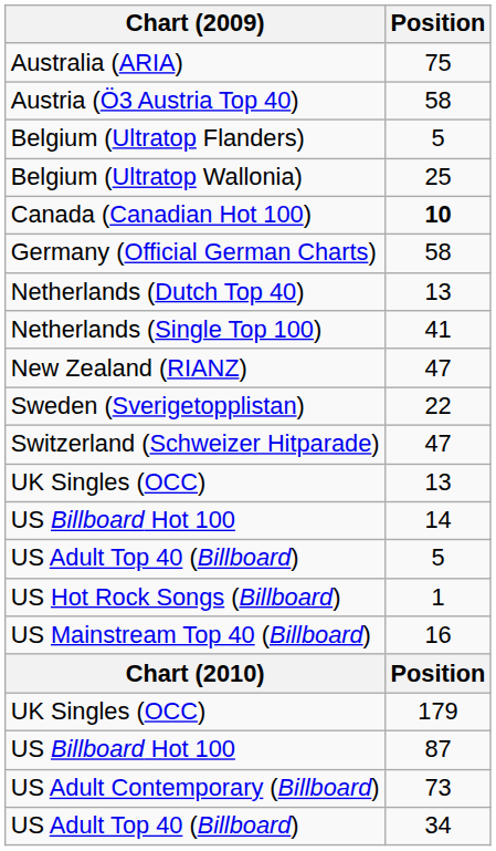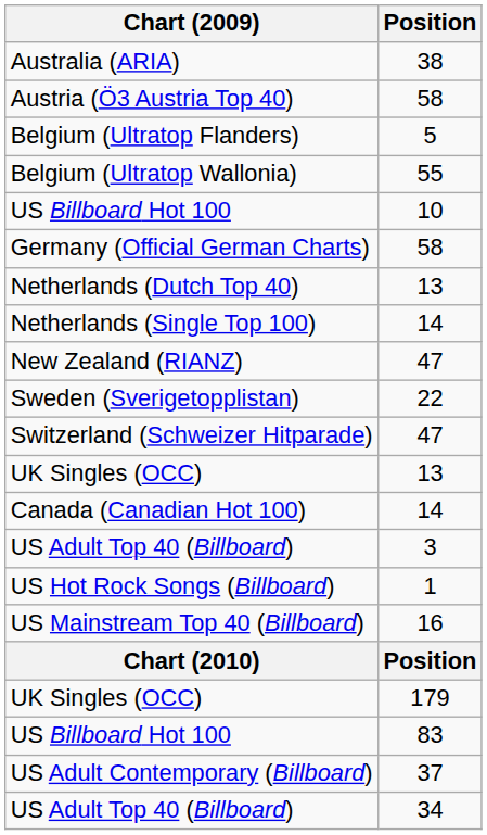 <table class="wikitable sortable">
 <tr>
 <th>Chart (2009)</th>
 <th>Position</th>
 </tr>
 <tr>
 <td>Australia (<a href='#'>ARIA</a>)</td>
-<td style="text-align:center;">75</td>
+<td style="text-align:center;">38</td>
 </tr>
 <tr>
 <td>Austria (<a href='#'>Ö3 Austria Top 40</a>)</td>
 <td style="text-align:center;">58</td>
 </tr>
 <tr>
 <td>Belgium (<a href='#'>Ultratop</a> Flanders)</td>
 <td style="text-align:center;">5</td>
 </tr>
 <tr>
 <td>Belgium (<a href='#'>Ultratop</a> Wallonia)</td>
-<td style="text-align:center;">25</td>
+<td style="text-align:center;">55</td>
 </tr>
 <tr>
-<td>Canada (<a href='#'>Canadian Hot 100</a>)</td>
-<td style="text-align:center;"><strong>10</strong></td>
+<td>US <a href='#'><em>Billboard</em> Hot 100</a></td>
+<td style="text-align:center;">10</td>
 </tr>
 <tr>
 <td>Germany (<a href='#'>Official German Charts</a>)</td>
 <td style="text-align:center;">58</td>
 </tr>
 <tr>
 <td>Netherlands (<a href='#'>Dutch Top 40</a>)</td>
 <td style="text-align:center;">13</td>
 </tr>
 <tr>
 <td>Netherlands (<a href='#'>Single Top 100</a>)</td>
-<td style="text-align:center;">41</td>
+<td style="text-align:center;">14</td>
 </tr>
 <tr>
 <td>New Zealand (<a href='#'>RIANZ</a>)</td>
 <td style="text-align:center;">47</td>
 </tr>
 <tr>
 <td>Sweden (<a href='#'>Sverigetopplistan</a>)</td>
 <td style="text-align:center;">22</td>
 </tr>
 <tr>
 <td>Switzerland (<a href='#'>Schweizer Hitparade</a>)</td>
 <td style="text-align:center;">47</td>
 </tr>
 <tr>
 <td>UK Singles (<a href='#'>OCC</a>)</td>
 <td style="text-align:center;">13</td>
 </tr>
 <tr>
-<td>US <a href='#'><em>Billboard</em> Hot 100</a></td>
+<td>Canada (<a href='#'>Canadian Hot 100</a>)</td>
 <td style="text-align:center;">14</td>
 </tr>
 <tr>
 <td>US <a href='#'>Adult Top 40</a> (<em><a href='#'>Billboard</a></em>)</td>
-<td style="text-align:center;">5</td>
+<td style="text-align:center;">3</td>
 </tr>
 <tr>
 <td>US <a href='#'>Hot Rock Songs</a> (<em><a href='#'>Billboard</a></em>)</td>
 <td style="text-align:center;">1</td>
 </tr>
 <tr>
 <td>US <a href='#'>Mainstream Top 40</a> (<em><a href='#'>Billboard</a></em>)</td>
 <td style="text-align:center;">16</td>
 </tr>
 <tr>
 <th>Chart (2010)</th>
 <th>Position</th>
 </tr>
 <tr>
 <td>UK Singles (<a href='#'>OCC</a>)</td>
 <td style="text-align:center;">179</td>
 </tr>
 <tr>
 <td>US <a href='#'><em>Billboard</em> Hot 100</a></td>
-<td style="text-align:center;">87</td>
+<td style="text-align:center;">83</td>
 </tr>
 <tr>
 <td>US <a href='#'>Adult Contemporary</a> (<em><a href='#'>Billboard</a></em>)</td>
-<td style="text-align:center;">73</td>
+<td style="text-align:center;">37</td>
 </tr>
 <tr>
 <td>US <a href='#'>Adult Top 40</a> (<em><a href='#'>Billboard</a></em>)</td>
 <td style="text-align:center;">34</td>
 </tr>
 </table>
